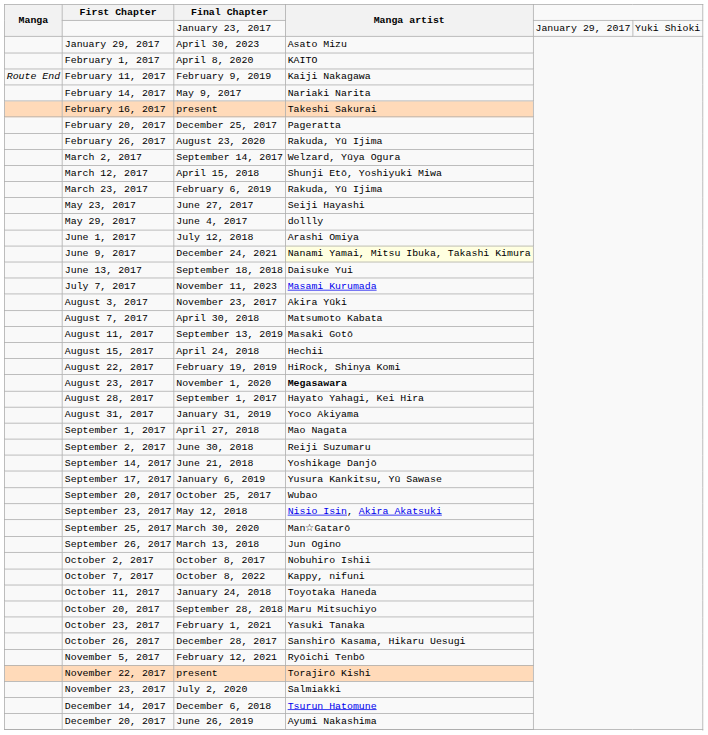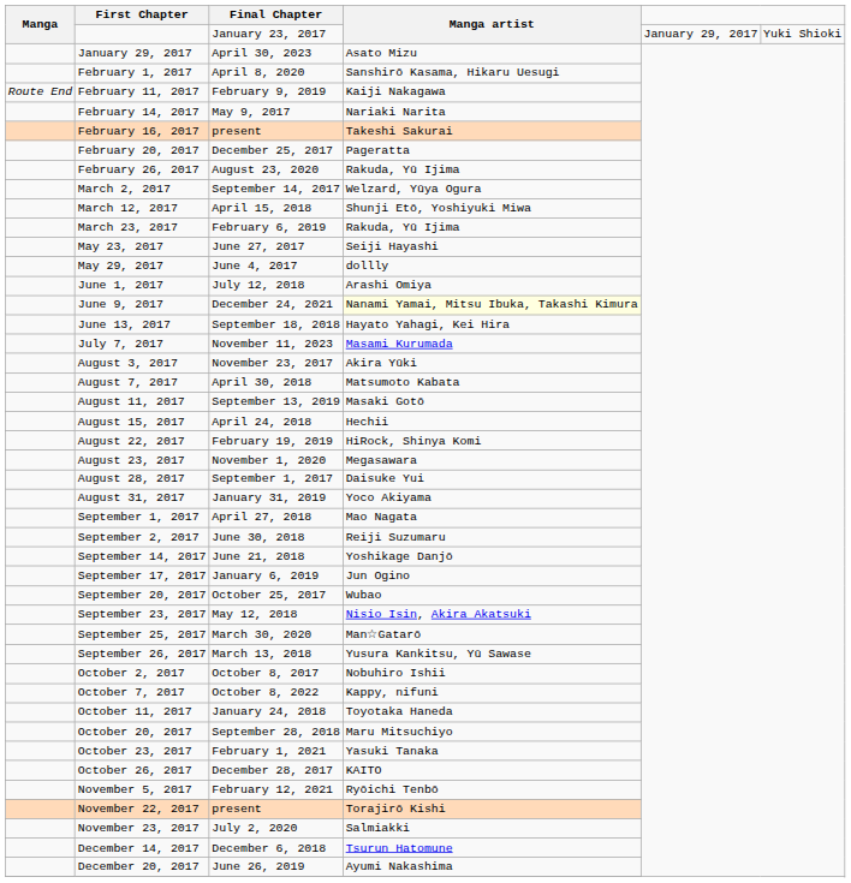 <table class="wikitable sortable">
 <tr>
 <th rowspan="2" scope="col">Manga</th>
 <th colspan="1" scope="col">First Chapter</th>
 <th colspan="1" scope="col">Final Chapter</th>
 <th rowspan="2" scope="col">Manga artist</th>
 </tr>
 <tr>
 <td></td>
 <td>January 23, 2017</td>
 <td>January 29, 2017</td>
 <td>Yuki Shioki</td>
 </tr>
 <tr>
 <td></td>
 <td>January 29, 2017</td>
 <td>April 30, 2023</td>
 <td>Asato Mizu</td>
 </tr>
 <tr>
 <td></td>
 <td>February 1, 2017</td>
 <td>April 8, 2020</td>
-<td>KAITO</td>
+<td>Sanshirō Kasama, Hikaru Uesugi</td>
 </tr>
 <tr>
 <td><em>Route End</em></td>
 <td>February 11, 2017</td>
 <td>February 9, 2019</td>
 <td>Kaiji Nakagawa</td>
 </tr>
 <tr>
 <td></td>
 <td>February 14, 2017</td>
 <td>May 9, 2017</td>
 <td>Nariaki Narita</td>
 </tr>
 <tr style="background-color:#FFDAB9;">
 <td></td>
 <td>February 16, 2017</td>
 <td>present</td>
 <td>Takeshi Sakurai</td>
 </tr>
 <tr>
 <td></td>
 <td>February 20, 2017</td>
 <td>December 25, 2017</td>
 <td>Pageratta</td>
 </tr>
 <tr>
 <td></td>
 <td>February 26, 2017</td>
 <td>August 23, 2020</td>
 <td>Rakuda, Yū Ijima</td>
 </tr>
 <tr>
 <td></td>
 <td>March 2, 2017</td>
 <td>September 14, 2017</td>
 <td>Welzard, Yūya Ogura</td>
 </tr>
 <tr>
 <td></td>
 <td>March 12, 2017</td>
 <td>April 15, 2018</td>
 <td>Shunji Etō, Yoshiyuki Miwa</td>
 </tr>
 <tr>
 <td></td>
 <td>March 23, 2017</td>
 <td>February 6, 2019</td>
 <td>Rakuda, Yū Ijima</td>
 </tr>
 <tr>
 <td></td>
 <td>May 23, 2017</td>
 <td>June 27, 2017</td>
 <td>Seiji Hayashi</td>
 </tr>
 <tr>
 <td></td>
 <td>May 29, 2017</td>
 <td>June 4, 2017</td>
 <td>dollly</td>
 </tr>
 <tr>
 <td></td>
 <td>June 1, 2017</td>
 <td>July 12, 2018</td>
 <td>Arashi Omiya</td>
 </tr>
 <tr>
 <td></td>
 <td>June 9, 2017</td>
 <td>December 24, 2021</td>
 <td style="background: lightyellow;">Nanami Yamai, Mitsu Ibuka, Takashi Kimura</td>
 </tr>
 <tr>
 <td></td>
 <td>June 13, 2017</td>
 <td>September 18, 2018</td>
-<td>Daisuke Yui</td>
+<td>Hayato Yahagi, Kei Hira</td>
 </tr>
 <tr>
 <td></td>
 <td>July 7, 2017</td>
 <td>November 11, 2023</td>
 <td><a href='#'>Masami Kurumada</a></td>
 </tr>
 <tr>
 <td></td>
 <td>August 3, 2017</td>
 <td>November 23, 2017</td>
 <td>Akira Yūki</td>
 </tr>
 <tr>
 <td></td>
 <td>August 7, 2017</td>
 <td>April 30, 2018</td>
 <td>Matsumoto Kabata</td>
 </tr>
 <tr>
 <td></td>
 <td>August 11, 2017</td>
 <td>September 13, 2019</td>
 <td>Masaki Gotō</td>
 </tr>
 <tr>
 <td></td>
 <td>August 15, 2017</td>
 <td>April 24, 2018</td>
 <td>Hechii</td>
 </tr>
 <tr>
 <td></td>
 <td>August 22, 2017</td>
 <td>February 19, 2019</td>
 <td>HiRock, Shinya Komi</td>
 </tr>
 <tr>
 <td></td>
 <td>August 23, 2017</td>
 <td>November 1, 2020</td>
-<td><strong>Megasawara</strong></td>
+<td>Megasawara</td>
 </tr>
 <tr>
 <td></td>
 <td>August 28, 2017</td>
 <td>September 1, 2017</td>
-<td>Hayato Yahagi, Kei Hira</td>
+<td>Daisuke Yui</td>
 </tr>
 <tr>
 <td></td>
 <td>August 31, 2017</td>
 <td>January 31, 2019</td>
 <td>Yoco Akiyama</td>
 </tr>
 <tr>
 <td></td>
 <td>September 1, 2017</td>
 <td>April 27, 2018</td>
 <td>Mao Nagata</td>
 </tr>
 <tr>
 <td></td>
 <td>September 2, 2017</td>
 <td>June 30, 2018</td>
 <td>Reiji Suzumaru</td>
 </tr>
 <tr>
 <td></td>
 <td>September 14, 2017</td>
 <td>June 21, 2018</td>
 <td>Yoshikage Danjō</td>
 </tr>
 <tr>
 <td></td>
 <td>September 17, 2017</td>
 <td>January 6, 2019</td>
-<td>Yusura Kankitsu, Yū Sawase</td>
+<td>Jun Ogino</td>
 </tr>
 <tr>
 <td></td>
 <td>September 20, 2017</td>
 <td>October 25, 2017</td>
 <td>Wubao</td>
 </tr>
 <tr>
 <td></td>
 <td>September 23, 2017</td>
 <td>May 12, 2018</td>
 <td><a href='#'>Nisio Isin</a>, <a href='#'>Akira Akatsuki</a></td>
 </tr>
 <tr>
 <td></td>
 <td>September 25, 2017</td>
 <td>March 30, 2020</td>
 <td>Man☆Gatarō</td>
 </tr>
 <tr>
 <td></td>
 <td>September 26, 2017</td>
 <td>March 13, 2018</td>
-<td>Jun Ogino</td>
+<td>Yusura Kankitsu, Yū Sawase</td>
 </tr>
 <tr>
 <td></td>
 <td>October 2, 2017</td>
 <td>October 8, 2017</td>
 <td>Nobuhiro Ishii</td>
 </tr>
 <tr>
 <td></td>
 <td>October 7, 2017</td>
 <td>October 8, 2022</td>
 <td>Kappy, nifuni</td>
 </tr>
 <tr>
 <td></td>
 <td>October 11, 2017</td>
 <td>January 24, 2018</td>
 <td>Toyotaka Haneda</td>
 </tr>
 <tr>
 <td></td>
 <td>October 20, 2017</td>
 <td>September 28, 2018</td>
 <td>Maru Mitsuchiyo</td>
 </tr>
 <tr>
 <td></td>
 <td>October 23, 2017</td>
 <td>February 1, 2021</td>
 <td>Yasuki Tanaka</td>
 </tr>
 <tr>
 <td></td>
 <td>October 26, 2017</td>
 <td>December 28, 2017</td>
-<td>Sanshirō Kasama, Hikaru Uesugi</td>
+<td>KAITO</td>
 </tr>
 <tr>
 <td></td>
 <td>November 5, 2017</td>
 <td>February 12, 2021</td>
 <td>Ryōichi Tenbō</td>
 </tr>
 <tr style="background-color:#FFDAB9;">
 <td></td>
 <td>November 22, 2017</td>
 <td>present</td>
 <td>Torajirō Kishi</td>
 </tr>
 <tr>
 <td></td>
 <td>November 23, 2017</td>
 <td>July 2, 2020</td>
 <td>Salmiakki</td>
 </tr>
 <tr>
 <td></td>
 <td>December 14, 2017</td>
 <td>December 6, 2018</td>
 <td><a href='#'>Tsurun Hatomune</a></td>
 </tr>
 <tr>
 <td></td>
 <td>December 20, 2017</td>
 <td>June 26, 2019</td>
 <td>Ayumi Nakashima</td>
 </tr>
 <tr>
 </tr>
 </table>
